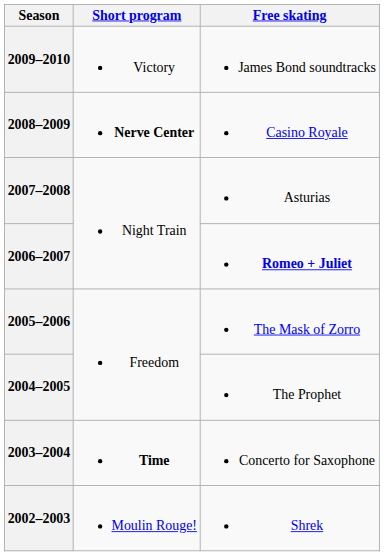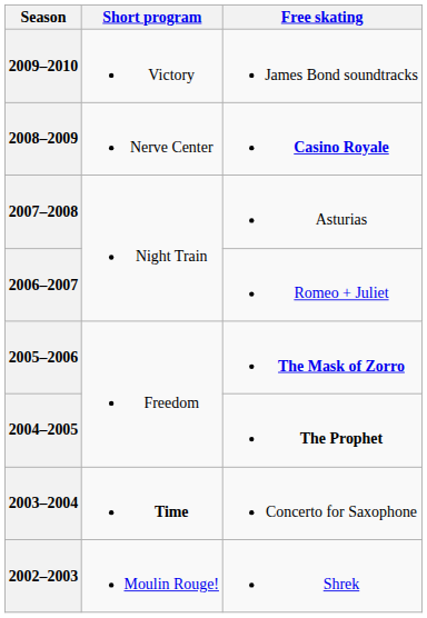 <table class=wikitable style=text-align:center>
 <tr>
 <th>Season</th>
 <th><a href='#'>Short program</a></th>
 <th><a href='#'>Free skating</a></th>
 </tr>
 <tr>
 <th>2009–2010 <br> </th>
 <td><br><ul><li>Victory</li></ul></td>
 <td><br><ul><li>James Bond soundtracks</li></ul></td>
 </tr>
 <tr>
 <th>2008–2009 <br> </th>
-<td><strong><br><ul><li>Nerve Center <br></li></ul></strong></td>
-<td><br><ul><li><a href='#'>Casino Royale</a> <br></li></ul></td>
+<td><br><ul><li>Nerve Center <br></li></ul></td>
+<td><strong><br><ul><li><a href='#'>Casino Royale</a> <br></li></ul></strong></td>
 </tr>
 <tr>
 <th>2007–2008 <br> </th>
 <td rowspan=2><br><ul><li>Night Train <br></li></ul></td>
 <td><br><ul><li>Asturias <br></li></ul></td>
 </tr>
 <tr>
 <th>2006–2007 <br> </th>
-<td><strong><br><ul><li><a href='#'>Romeo + Juliet</a></li></ul></strong></td>
+<td><br><ul><li><a href='#'>Romeo + Juliet</a></li></ul></td>
 </tr>
 <tr>
 <th>2005–2006 <br> </th>
 <td rowspan=2><br><ul><li>Freedom <br></li></ul></td>
-<td><br><ul><li><a href='#'>The Mask of Zorro</a> <br></li></ul></td>
+<td><strong><br><ul><li><a href='#'>The Mask of Zorro</a> <br></li></ul></strong></td>
 </tr>
 <tr>
 <th>2004–2005 <br> </th>
-<td><br><ul><li>The Prophet</li></ul></td>
+<td><strong><br><ul><li>The Prophet</li></ul></strong></td>
 </tr>
 <tr>
 <th>2003–2004 <br> </th>
 <td><strong><br><ul><li>Time</li></ul></strong></td>
 <td><br><ul><li>Concerto for Saxophone</li></ul></td>
 </tr>
 <tr>
 <th>2002–2003 <br> </th>
 <td><br><ul><li><a href='#'>Moulin Rouge!</a> <br></li></ul></td>
 <td><br><ul><li><a href='#'>Shrek</a></li></ul></td>
 </tr>
 </table>
